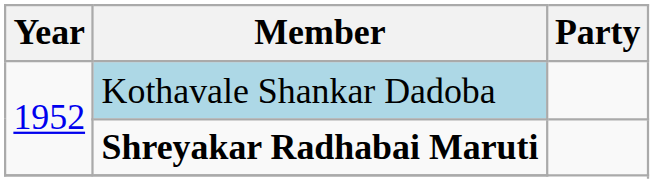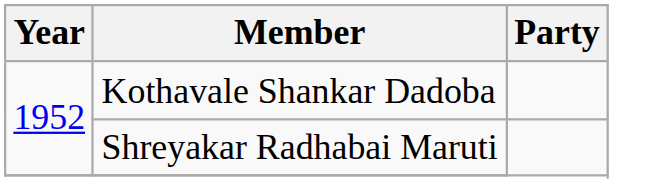 <table class="wikitable sortable">
 <tr>
 <th>Year</th>
 <th>Member</th>
 <th colspan="2">Party</th>
 </tr>
 <tr>
 <td rowspan=2><a href='#'>1952</a></td>
-<td style="background: lightblue;">Kothavale Shankar Dadoba</td>
+<td>Kothavale Shankar Dadoba</td>
 <td></td>
 </tr>
 <tr>
-<td><strong>Shreyakar Radhabai Maruti</strong></td>
+<td>Shreyakar Radhabai Maruti</td>
 </tr>
 <tr>
 </tr>
 </table>
